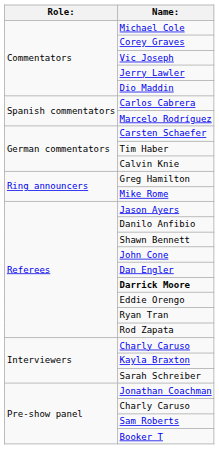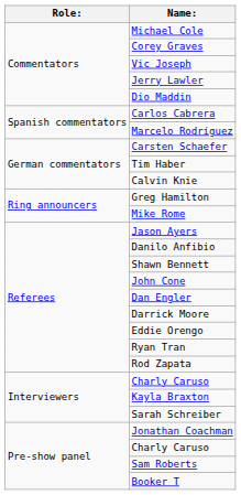 <table class=wikitable style="font-size:90%; margin: 0.5em 0 0.5em 1em; float: right; clear: right;">
 <tr>
 <th>Role:</th>
 <th>Name:</th>
 </tr>
 <tr>
 <td rowspan=5>Commentators</td>
 <td><a href='#'>Michael Cole</a> </td>
 </tr>
 <tr>
 <td><a href='#'>Corey Graves</a> </td>
 </tr>
 <tr>
 <td><a href='#'>Vic Joseph</a> </td>
 </tr>
 <tr>
 <td><a href='#'>Jerry Lawler</a> </td>
 </tr>
 <tr>
 <td><a href='#'>Dio Maddin</a> </td>
 </tr>
 <tr>
 <td rowspan=2>Spanish commentators</td>
 <td><a href='#'>Carlos Cabrera</a></td>
 </tr>
 <tr>
 <td><a href='#'>Marcelo Rodríguez</a></td>
 </tr>
 <tr>
 <td rowspan=3>German commentators</td>
 <td><a href='#'>Carsten Schaefer</a></td>
 </tr>
 <tr>
 <td>Tim Haber</td>
 </tr>
 <tr>
 <td>Calvin Knie</td>
 </tr>
 <tr>
 <td rowspan=2><a href='#'>Ring announcers</a></td>
 <td>Greg Hamilton </td>
 </tr>
 <tr>
 <td><a href='#'>Mike Rome</a> </td>
 </tr>
 <tr>
 <td rowspan=9><a href='#'>Referees</a></td>
 <td><a href='#'>Jason Ayers</a></td>
 </tr>
 <tr>
 <td>Danilo Anfibio</td>
 </tr>
 <tr>
 <td>Shawn Bennett</td>
 </tr>
 <tr>
 <td><a href='#'>John Cone</a></td>
 </tr>
 <tr>
 <td><a href='#'>Dan Engler</a></td>
 </tr>
 <tr>
-<td><strong>Darrick Moore</strong></td>
+<td>Darrick Moore</td>
 </tr>
 <tr>
 <td>Eddie Orengo</td>
 </tr>
 <tr>
 <td>Ryan Tran</td>
 </tr>
 <tr>
 <td>Rod Zapata</td>
 </tr>
 <tr>
 <td rowspan=3>Interviewers</td>
 <td><a href='#'>Charly Caruso</a></td>
 </tr>
 <tr>
 <td><a href='#'>Kayla Braxton</a></td>
 </tr>
 <tr>
 <td>Sarah Schreiber</td>
 </tr>
 <tr>
 <td rowspan=4>Pre-show panel</td>
 <td><a href='#'>Jonathan Coachman</a></td>
 </tr>
 <tr>
 <td>Charly Caruso</td>
 </tr>
 <tr>
 <td><a href='#'>Sam Roberts</a></td>
 </tr>
 <tr>
 <td><a href='#'>Booker T</a></td>
 </tr>
 </table>
